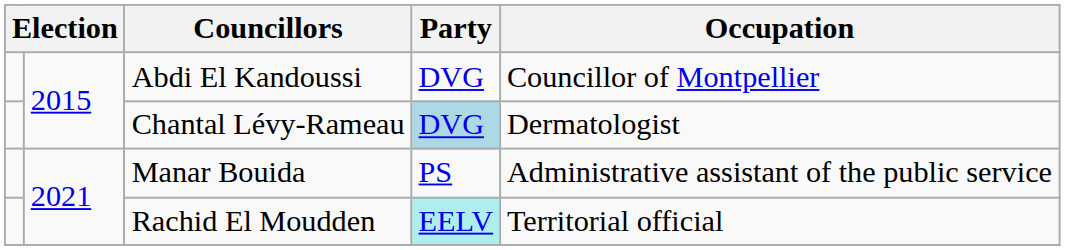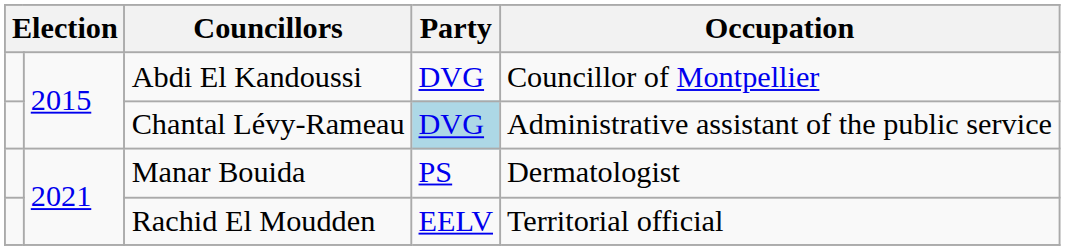 <table class="wikitable">
 <tr>
 <th colspan="2">Election</th>
 <th>Councillors</th>
 <th>Party</th>
 <th>Occupation</th>
 </tr>
 <tr>
 <td style="background-color: "></td>
 <td rowspan="2"><a href='#'>2015</a></td>
 <td>Abdi El Kandoussi</td>
 <td><a href='#'>DVG</a></td>
 <td>Councillor of <a href='#'>Montpellier</a></td>
 </tr>
 <tr>
 <td style="background-color: "></td>
 <td>Chantal Lévy-Rameau</td>
 <td style="background: lightblue;"><a href='#'>DVG</a></td>
-<td>Dermatologist</td>
+<td>Administrative assistant of the public service</td>
 </tr>
 <tr>
 <td style="background-color: "></td>
 <td rowspan="2"><a href='#'>2021</a></td>
 <td>Manar Bouida</td>
 <td><a href='#'>PS</a></td>
-<td>Administrative assistant of the public service</td>
+<td>Dermatologist</td>
 </tr>
 <tr>
 <td style="background-color: "></td>
 <td>Rachid El Moudden</td>
-<td style="background: paleturquoise;"><a href='#'>EELV</a></td>
+<td><a href='#'>EELV</a></td>
 <td>Territorial official</td>
 </tr>
 </table>
